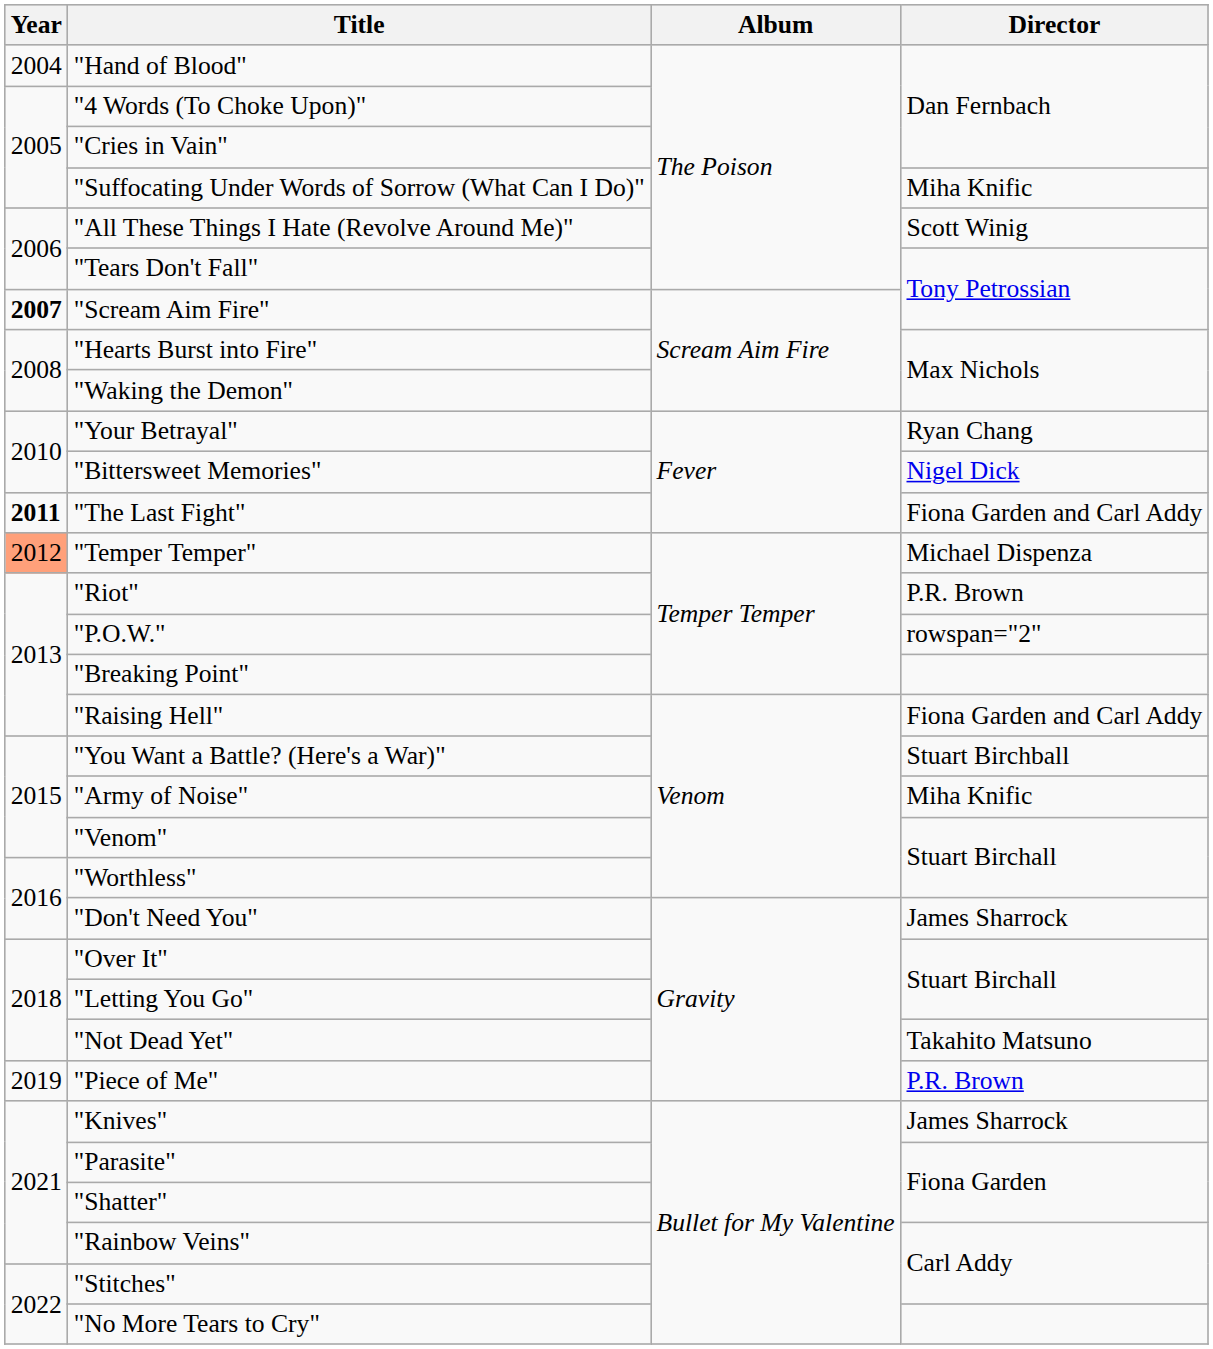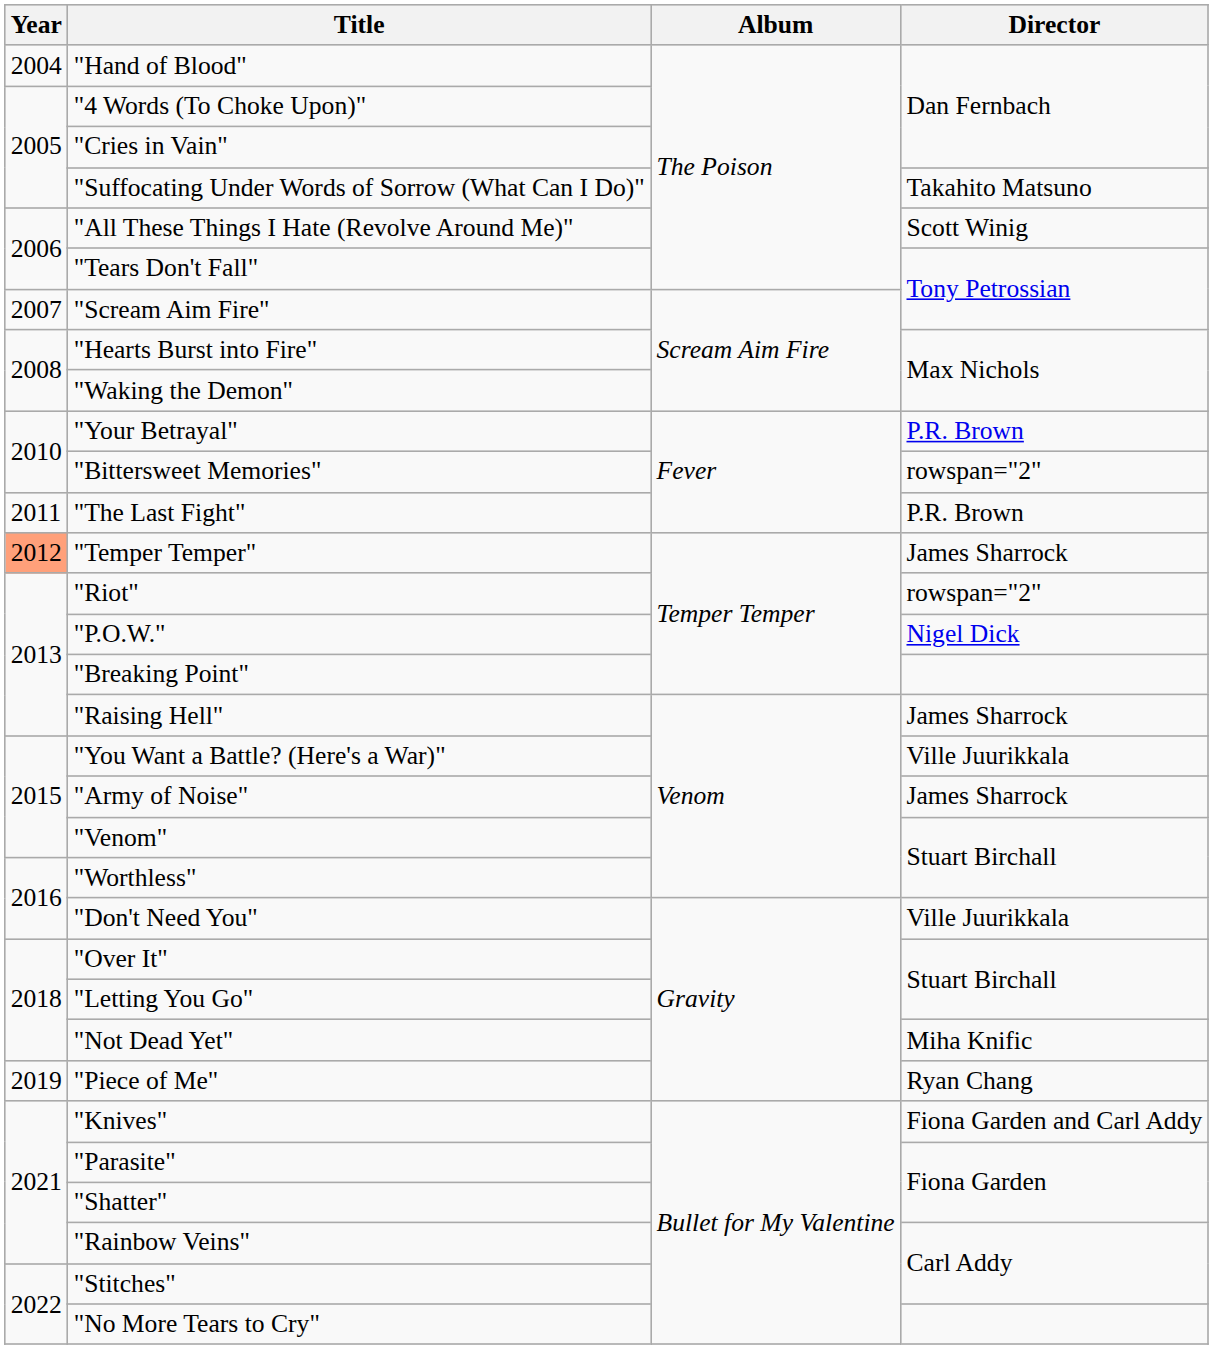 <table class="wikitable">
 <tr>
 <th>Year</th>
 <th>Title</th>
 <th>Album</th>
 <th>Director</th>
 </tr>
 <tr>
 <td rowspan="1">2004</td>
 <td>"Hand of Blood"</td>
 <td rowspan="6"><em>The Poison</em></td>
 <td rowspan="3">Dan Fernbach</td>
 </tr>
 <tr>
 <td rowspan="3">2005</td>
 <td>"4 Words (To Choke Upon)"</td>
 </tr>
 <tr>
 <td>"Cries in Vain"</td>
 </tr>
 <tr>
 <td>"Suffocating Under Words of Sorrow (What Can I Do)"</td>
-<td>Miha Knific</td>
+<td>Takahito Matsuno</td>
 </tr>
 <tr>
 <td rowspan="2">2006</td>
 <td>"All These Things I Hate (Revolve Around Me)"</td>
 <td>Scott Winig</td>
 </tr>
 <tr>
 <td>"Tears Don't Fall"</td>
 <td rowspan="2"><a href='#'>Tony Petrossian</a></td>
 </tr>
 <tr>
-<td><strong>2007</strong></td>
+<td>2007</td>
 <td>"Scream Aim Fire"</td>
 <td rowspan="3"><em>Scream Aim Fire</em></td>
 </tr>
 <tr>
 <td rowspan="2">2008</td>
 <td>"Hearts Burst into Fire"</td>
 <td rowspan="2">Max Nichols</td>
 </tr>
 <tr>
 <td>"Waking the Demon"</td>
 </tr>
 <tr>
 <td rowspan="2">2010</td>
 <td>"Your Betrayal"</td>
 <td rowspan="3"><em>Fever</em></td>
-<td>Ryan Chang</td>
+<td><a href='#'>P.R. Brown</a></td>
 </tr>
 <tr>
 <td>"Bittersweet Memories"</td>
-<td><a href='#'>Nigel Dick</a></td>
+<td>rowspan="2" </td>
 </tr>
 <tr>
-<td><strong>2011</strong></td>
+<td>2011</td>
 <td>"The Last Fight"</td>
-<td>Fiona Garden and Carl Addy</td>
+<td>P.R. Brown</td>
 </tr>
 <tr>
 <td style="background: lightsalmon;">2012</td>
 <td>"Temper Temper"</td>
 <td rowspan="4"><em>Temper Temper</em></td>
-<td>Michael Dispenza</td>
+<td>James Sharrock</td>
 </tr>
 <tr>
 <td rowspan="4">2013</td>
 <td>"Riot"</td>
-<td>P.R. Brown</td>
+<td>rowspan="2" </td>
 </tr>
 <tr>
 <td>"P.O.W."</td>
-<td>rowspan="2" </td>
+<td><a href='#'>Nigel Dick</a></td>
 </tr>
 <tr>
 <td>"Breaking Point"</td>
 </tr>
 <tr>
 <td>"Raising Hell"</td>
 <td rowspan="5"><em>Venom</em></td>
-<td>Fiona Garden and Carl Addy</td>
+<td>James Sharrock</td>
 </tr>
 <tr>
 <td rowspan="3">2015</td>
 <td>"You Want a Battle? (Here's a War)"</td>
-<td>Stuart Birchball</td>
+<td>Ville Juurikkala</td>
 </tr>
 <tr>
 <td>"Army of Noise"</td>
-<td>Miha Knific</td>
+<td>James Sharrock</td>
 </tr>
 <tr>
 <td>"Venom"</td>
 <td rowspan="2">Stuart Birchall</td>
 </tr>
 <tr>
 <td rowspan="2">2016</td>
 <td>"Worthless"</td>
 </tr>
 <tr>
 <td>"Don't Need You"</td>
 <td rowspan="5"><em>Gravity</em></td>
-<td>James Sharrock</td>
+<td>Ville Juurikkala</td>
 </tr>
 <tr>
 <td rowspan="3">2018</td>
 <td>"Over It"</td>
 <td rowspan="2">Stuart Birchall</td>
 </tr>
 <tr>
 <td>"Letting You Go"</td>
 </tr>
 <tr>
 <td>"Not Dead Yet"</td>
-<td>Takahito Matsuno</td>
+<td>Miha Knific</td>
 </tr>
 <tr>
 <td>2019</td>
 <td>"Piece of Me"</td>
-<td><a href='#'>P.R. Brown</a></td>
+<td>Ryan Chang</td>
 </tr>
 <tr>
 <td rowspan="4">2021</td>
 <td>"Knives"</td>
 <td rowspan="6"><em>Bullet for My Valentine</em></td>
-<td>James Sharrock</td>
+<td>Fiona Garden and Carl Addy</td>
 </tr>
 <tr>
 <td>"Parasite"</td>
 <td rowspan="2">Fiona Garden</td>
 </tr>
 <tr>
 <td>"Shatter"</td>
 </tr>
 <tr>
 <td>"Rainbow Veins"</td>
 <td rowspan="2">Carl Addy</td>
 </tr>
 <tr>
 <td rowspan="2">2022</td>
 <td>"Stitches"</td>
 </tr>
 <tr>
 <td>"No More Tears to Cry"</td>
 <td></td>
 </tr>
 </table>
